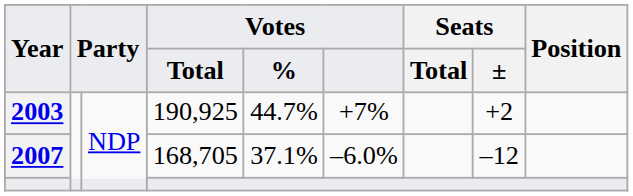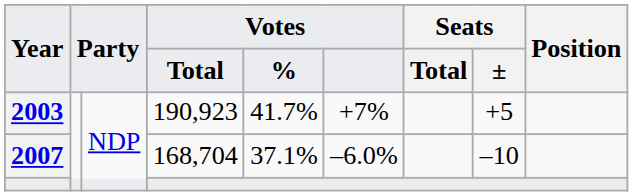 <table class="wikitable" style="font-size:90%; text-align:center;">
 <tr>
 <th rowspan="2" style="background:#eaecf0;">Year</th>
 <th colspan="2" rowspan="2" style="background:#eaecf0;">Party</th>
 <th colspan="3" style="background:#eaecf0;">Votes</th>
 <th colspan="2">Seats</th>
 <th rowspan="2">Position</th>
 </tr>
 <tr>
 <th style="background:#eaecf0;">Total</th>
 <th style="background:#eaecf0;">%</th>
 <th style="background:#eaecf0;"></th>
 <th>Total</th>
 <th>±</th>
 </tr>
 <tr>
 <th><a href='#'>2003</a></th>
 <td rowspan="5" style="background-color:"></td>
 <td rowspan="5"><a href='#'>NDP</a></td>
-<td>190,925</td>
-<td>44.7%</td>
+<td>190,923</td>
+<td>41.7%</td>
 <td>+7%</td>
 <td></td>
-<td>+2</td>
+<td>+5</td>
 <td></td>
 </tr>
 <tr>
 <th><a href='#'>2007</a></th>
-<td>168,705</td>
+<td>168,704</td>
 <td>37.1%</td>
 <td>–6.0%</td>
 <td></td>
-<td>–12</td>
+<td>–10</td>
 <td></td>
 </tr>
 <tr>
 <th colspan="10" style="background:#eaecf0;"></th>
 </tr>
 </table>
